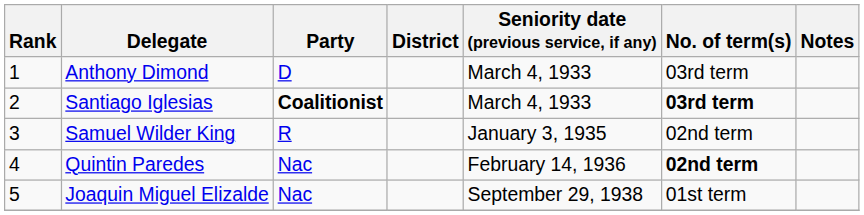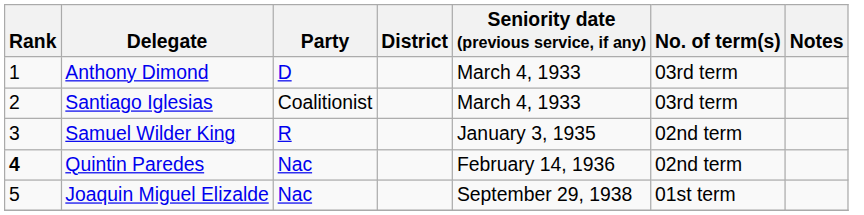 <table class="wikitable sortable">
 <tr valign=bottom>
 <th>Rank</th>
 <th>Delegate</th>
 <th>Party</th>
 <th>District</th>
 <th>Seniority date<br><small>(previous service, if any)</small><br></th>
 <th>No. of term(s)</th>
 <th>Notes</th>
 </tr>
 <tr>
 <td>1</td>
 <td><a href='#'>Anthony Dimond</a></td>
 <td><a href='#'>D</a></td>
 <td></td>
 <td>March 4, 1933</td>
 <td>03rd term</td>
 <td></td>
 </tr>
 <tr>
 <td>2</td>
 <td><a href='#'>Santiago Iglesias</a></td>
-<td><strong>Coalitionist</strong></td>
+<td>Coalitionist</td>
 <td></td>
 <td>March 4, 1933</td>
-<td><strong>03rd term</strong></td>
+<td>03rd term</td>
 <td></td>
 </tr>
 <tr>
 <td>3</td>
 <td><a href='#'>Samuel Wilder King</a></td>
 <td><a href='#'>R</a></td>
 <td></td>
 <td>January 3, 1935</td>
 <td>02nd term</td>
 <td></td>
 </tr>
 <tr>
-<td>4</td>
+<td><strong>4</strong></td>
 <td><a href='#'>Quintin Paredes</a></td>
 <td><a href='#'>Nac</a></td>
 <td></td>
 <td>February 14, 1936</td>
-<td><strong>02nd term</strong></td>
+<td>02nd term</td>
 <td></td>
 </tr>
 <tr>
 <td>5</td>
 <td><a href='#'>Joaquin Miguel Elizalde</a></td>
 <td><a href='#'>Nac</a></td>
 <td></td>
 <td>September 29, 1938</td>
 <td>01st term</td>
 <td></td>
 </tr>
 <tr>
 </tr>
 </table>
